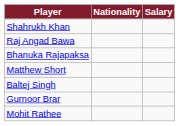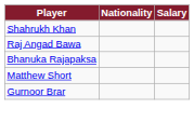 <table class="wikitable" style="font-size:90%;">
 <tr>
 <th style="background: #841B2D;color:white">Player</th>
 <th style="background: #841B2D;color:white">Nationality</th>
 <th style="background: #841B2D;color:white">Salary</th>
 </tr>
 <tr>
 <td><a href='#'>Shahrukh Khan</a></td>
 <td></td>
 <td></td>
 </tr>
 <tr>
 <td><a href='#'>Raj Angad Bawa</a></td>
 <td></td>
 <td></td>
 </tr>
 <tr>
 <td><a href='#'>Bhanuka Rajapaksa</a></td>
 <td></td>
 <td></td>
 </tr>
 <tr>
 <td><a href='#'>Matthew Short</a></td>
 <td></td>
 <td></td>
 </tr>
 <tr>
-<td><a href='#'>Baltej Singh</a></td>
-<td></td>
-<td></td>
-</tr>
-<tr>
 <td><a href='#'>Gurnoor Brar</a></td>
 <td></td>
 <td></td>
 </tr>
-<tr>
-<td><a href='#'>Mohit Rathee</a></td>
-<td></td>
-<td></td>
-</tr>
 </table>
